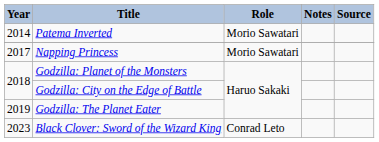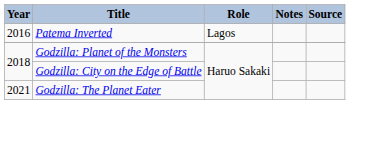 <table class="wikitable sortable plainrowheaders" style="font-size: 95%;">
 <tr>
 <th style="background:#b0c4de; style=width:40px;">Year </th>
 <th style="background:#b0c4de;">Title</th>
 <th style="background:#b0c4de;">Role </th>
 <th style="background:#b0c4de;" class="unsortable">Notes</th>
 <th style="background:#b0c4de;" class="unsortable">Source</th>
 </tr>
 <tr>
-<td>2014</td>
+<td>2016</td>
 <td><em><a href='#'>Patema Inverted</a></em></td>
-<td>Morio Sawatari</td>
+<td>Lagos</td>
 <td></td>
 <td></td>
 </tr>
 <tr>
-</tr>
-<tr>
-<td>2017</td>
-<td><em><a href='#'>Napping Princess</a></em></td>
-<td>Morio Sawatari</td>
-<td></td>
-<td></td>
 </tr>
 <tr>
 <td rowspan=2>2018</td>
 <td><em><a href='#'>Godzilla: Planet of the Monsters</a></em></td>
 <td rowspan="3">Haruo Sakaki</td>
 <td></td>
 <td></td>
 </tr>
 <tr>
 <td><em><a href='#'>Godzilla: City on the Edge of Battle</a></em></td>
 <td></td>
 <td></td>
 </tr>
 <tr>
-<td>2019</td>
+<td>2021</td>
 <td><em><a href='#'>Godzilla: The Planet Eater</a></em></td>
 <td></td>
 <td></td>
 </tr>
-<tr>
-<td>2023</td>
-<td><em><a href='#'>Black Clover: Sword of the Wizard King</a></em></td>
-<td>Conrad Leto</td>
-<td></td>
-<td></td>
-</tr>
 </table>
